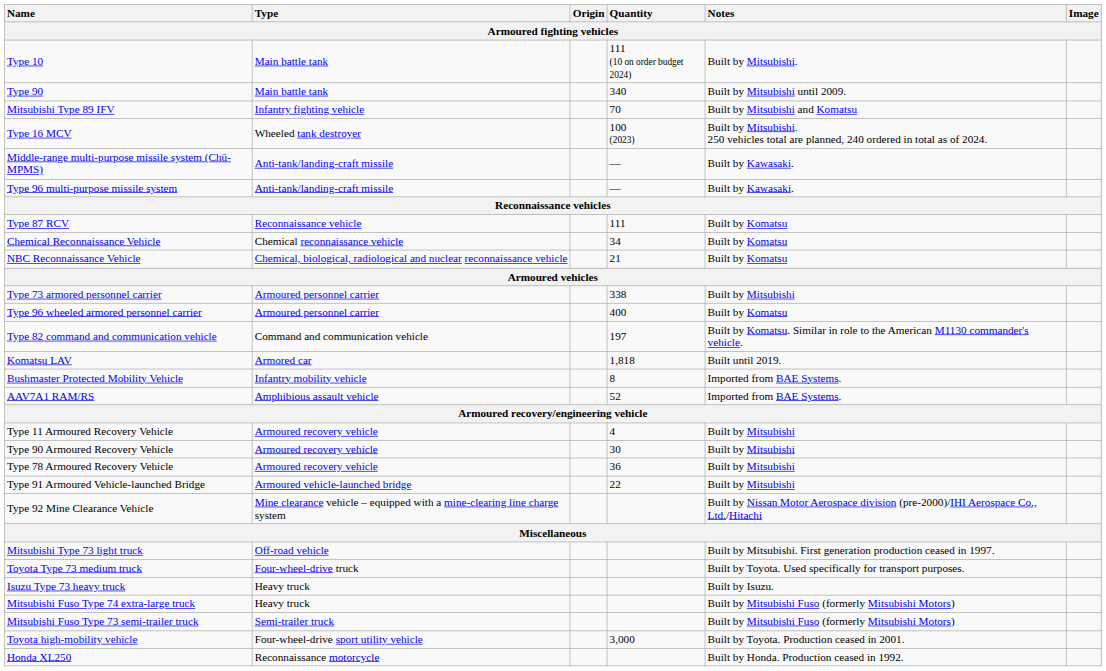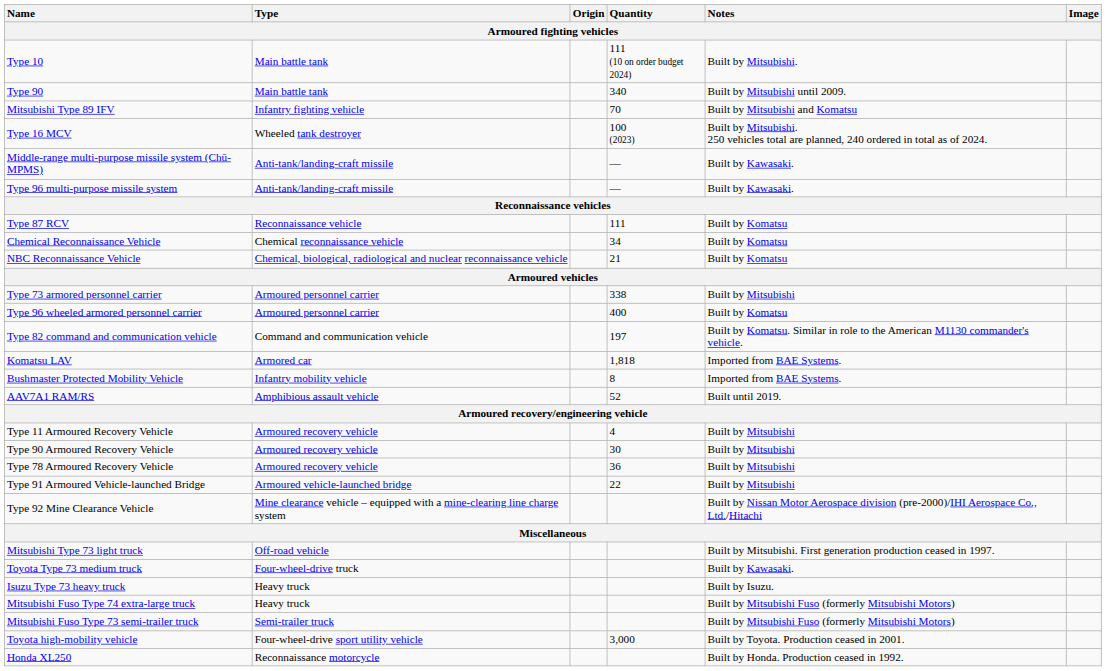 <table class="wikitable">
 <tr>
 <th style="text-align: left;">Name</th>
 <th style="text-align: left;">Type</th>
 <th style="text-align: left;">Origin</th>
 <th style="text-align: left;">Quantity</th>
 <th style="text-align: left;">Notes</th>
 <th style="text-align: left;">Image</th>
 </tr>
 <tr>
 <th colspan="6">Armoured fighting vehicles</th>
 </tr>
 <tr>
 <td><a href='#'>Type 10</a></td>
 <td><a href='#'>Main battle tank</a></td>
 <td></td>
 <td>111 <br><small>(10 on order budget 2024)</small></td>
 <td>Built by <a href='#'>Mitsubishi</a>.</td>
 <td></td>
 </tr>
 <tr>
 <td><a href='#'>Type 90</a></td>
 <td><a href='#'>Main battle tank</a></td>
 <td></td>
 <td>340</td>
 <td>Built by <a href='#'>Mitsubishi</a> until 2009.</td>
 <td></td>
 </tr>
 <tr>
 <td><a href='#'>Mitsubishi Type 89 IFV</a></td>
 <td><a href='#'>Infantry fighting vehicle</a></td>
 <td></td>
 <td>70</td>
 <td>Built by <a href='#'>Mitsubishi</a> and <a href='#'>Komatsu</a></td>
 <td></td>
 </tr>
 <tr>
 <td><a href='#'>Type 16 MCV</a></td>
 <td>Wheeled <a href='#'>tank destroyer</a></td>
 <td></td>
 <td>100<br><small>(2023)</small></td>
 <td>Built by <a href='#'>Mitsubishi</a>.<br>250 vehicles total are planned, 240 ordered in total as of 2024.</td>
 <td></td>
 </tr>
 <tr>
 <td><a href='#'>Middle-range multi-purpose missile system (Chū-MPMS)</a></td>
 <td><a href='#'>Anti-tank/landing-craft missile</a></td>
 <td></td>
 <td>—</td>
 <td>Built by <a href='#'>Kawasaki</a>.</td>
 <td></td>
 </tr>
 <tr>
 <td><a href='#'>Type 96 multi-purpose missile system</a></td>
 <td><a href='#'>Anti-tank/landing-craft missile</a></td>
 <td></td>
 <td>—</td>
 <td>Built by <a href='#'>Kawasaki</a>.</td>
 <td></td>
 </tr>
 <tr>
 <th colspan="6">Reconnaissance vehicles</th>
 </tr>
 <tr>
 <td><a href='#'>Type 87 RCV</a></td>
 <td><a href='#'>Reconnaissance vehicle</a></td>
 <td></td>
 <td>111</td>
 <td>Built by <a href='#'>Komatsu</a></td>
 <td></td>
 </tr>
 <tr>
 <td><a href='#'>Chemical Reconnaissance Vehicle</a></td>
 <td>Chemical <a href='#'>reconnaissance vehicle</a></td>
 <td></td>
 <td>34</td>
 <td>Built by <a href='#'>Komatsu</a></td>
 <td></td>
 </tr>
 <tr>
 <td><a href='#'>NBC Reconnaissance Vehicle</a></td>
 <td><a href='#'>Chemical, biological, radiological and nuclear</a> <a href='#'>reconnaissance vehicle</a></td>
 <td></td>
 <td>21</td>
 <td>Built by <a href='#'>Komatsu</a></td>
 <td></td>
 </tr>
 <tr>
 <th colspan="6" style="align: center;">Armoured vehicles</th>
 </tr>
 <tr>
 <td><a href='#'>Type 73 armored personnel carrier</a></td>
 <td><a href='#'>Armoured personnel carrier</a></td>
 <td></td>
 <td>338</td>
 <td>Built by <a href='#'>Mitsubishi</a></td>
 <td></td>
 </tr>
 <tr>
 <td><a href='#'>Type 96 wheeled armored personnel carrier</a></td>
 <td><a href='#'>Armoured personnel carrier</a></td>
 <td></td>
 <td>400</td>
 <td>Built by <a href='#'>Komatsu</a></td>
 <td></td>
 </tr>
 <tr>
 <td><a href='#'>Type 82 command and communication vehicle</a></td>
 <td>Command and communication vehicle</td>
 <td></td>
 <td>197</td>
 <td>Built by <a href='#'>Komatsu</a>. Similar in role to the American <a href='#'>M1130 commander's vehicle</a>.</td>
 <td></td>
 </tr>
 <tr>
 <td><a href='#'>Komatsu LAV</a></td>
 <td><a href='#'>Armored car</a></td>
 <td></td>
 <td>1,818</td>
-<td>Built until 2019.</td>
+<td>Imported from <a href='#'>BAE Systems</a>.</td>
 <td></td>
 </tr>
 <tr>
 <td><a href='#'>Bushmaster Protected Mobility Vehicle</a></td>
 <td><a href='#'>Infantry mobility vehicle</a></td>
 <td></td>
 <td>8</td>
 <td>Imported from <a href='#'>BAE Systems</a>.</td>
 <td></td>
 </tr>
 <tr>
 <td><a href='#'>AAV7A1 RAM/RS</a></td>
 <td><a href='#'>Amphibious assault vehicle</a></td>
 <td></td>
 <td>52</td>
-<td>Imported from <a href='#'>BAE Systems</a>.</td>
+<td>Built until 2019.</td>
 <td></td>
 </tr>
 <tr>
 <th colspan="6">Armoured recovery/engineering vehicle</th>
 </tr>
 <tr>
 <td>Type 11 Armoured Recovery Vehicle</td>
 <td><a href='#'>Armoured recovery vehicle</a></td>
 <td></td>
 <td>4</td>
 <td>Built by <a href='#'>Mitsubishi</a></td>
 <td></td>
 </tr>
 <tr>
 <td>Type 90 Armoured Recovery Vehicle</td>
 <td><a href='#'>Armoured recovery vehicle</a></td>
 <td></td>
 <td>30</td>
 <td>Built by <a href='#'>Mitsubishi</a></td>
 <td></td>
 </tr>
 <tr>
 <td>Type 78 Armoured Recovery Vehicle</td>
 <td><a href='#'>Armoured recovery vehicle</a></td>
 <td></td>
 <td>36</td>
 <td>Built by <a href='#'>Mitsubishi</a></td>
 <td></td>
 </tr>
 <tr>
 <td>Type 91 Armoured Vehicle-launched Bridge</td>
 <td><a href='#'>Armoured vehicle-launched bridge</a></td>
 <td></td>
 <td>22</td>
 <td>Built by <a href='#'>Mitsubishi</a></td>
 <td></td>
 </tr>
 <tr>
 <td>Type 92 Mine Clearance Vehicle</td>
 <td><a href='#'>Mine clearance</a> vehicle – equipped with a <a href='#'>mine-clearing line charge</a> system</td>
 <td></td>
 <td></td>
 <td>Built by <a href='#'>Nissan Motor Aerospace division</a> (pre-2000)/<a href='#'>IHI Aerospace Co., Ltd.</a>/<a href='#'>Hitachi</a></td>
 <td></td>
 </tr>
 <tr>
 <th colspan="6">Miscellaneous</th>
 </tr>
 <tr>
 <td><a href='#'>Mitsubishi Type 73 light truck</a></td>
 <td><a href='#'>Off-road vehicle</a></td>
 <td></td>
 <td></td>
 <td>Built by Mitsubishi. First generation production ceased in 1997.</td>
 <td><br></td>
 </tr>
 <tr>
 <td><a href='#'>Toyota Type 73 medium truck</a></td>
 <td><a href='#'>Four-wheel-drive</a> truck</td>
 <td></td>
 <td></td>
-<td>Built by Toyota. Used specifically for transport purposes.</td>
+<td>Built by <a href='#'>Kawasaki</a>.</td>
 <td></td>
 </tr>
 <tr>
 <td><a href='#'>Isuzu Type 73 heavy truck</a></td>
 <td>Heavy truck</td>
 <td></td>
 <td></td>
 <td>Built by Isuzu.</td>
 <td></td>
 </tr>
 <tr>
 <td><a href='#'>Mitsubishi Fuso Type 74 extra-large truck</a></td>
 <td>Heavy truck</td>
 <td></td>
 <td></td>
 <td>Built by <a href='#'>Mitsubishi Fuso</a> (formerly <a href='#'>Mitsubishi Motors</a>)</td>
 <td></td>
 </tr>
 <tr>
 <td><a href='#'>Mitsubishi Fuso Type 73 semi-trailer truck</a></td>
 <td><a href='#'>Semi-trailer truck</a></td>
 <td></td>
 <td></td>
 <td>Built by <a href='#'>Mitsubishi Fuso</a> (formerly <a href='#'>Mitsubishi Motors</a>)</td>
 <td></td>
 </tr>
 <tr>
 <td><a href='#'>Toyota high-mobility vehicle</a></td>
 <td>Four-wheel-drive <a href='#'>sport utility vehicle</a></td>
 <td></td>
 <td>3,000</td>
 <td>Built by Toyota. Production ceased in 2001.</td>
 <td></td>
 </tr>
 <tr>
 <td><a href='#'>Honda XL250</a></td>
 <td>Reconnaissance <a href='#'>motorcycle</a></td>
 <td></td>
 <td></td>
 <td>Built by Honda. Production ceased in 1992.</td>
 <td></td>
 </tr>
 </table>
